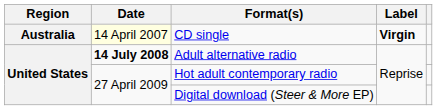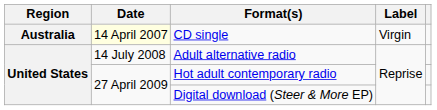 <table class="wikitable plainrowheaders">
 <tr>
 <th scope="col">Region</th>
 <th scope="col">Date</th>
 <th scope="col">Format(s)</th>
 <th scope="col">Label</th>
 <th scope="col"></th>
 </tr>
 <tr>
 <th scope="row">Australia</th>
 <td style="background: lightyellow;">14 April 2007</td>
 <td><a href='#'>CD single</a></td>
-<td><strong>Virgin</strong></td>
+<td>Virgin</td>
 <td></td>
 </tr>
 <tr>
 <th scope="row" rowspan="3">United States</th>
-<td><strong>14 July 2008</strong></td>
+<td>14 July 2008</td>
 <td><a href='#'>Adult alternative radio</a></td>
 <td rowspan="3">Reprise</td>
 <td></td>
 </tr>
 <tr>
 <td rowspan="2">27 April 2009</td>
 <td><a href='#'>Hot adult contemporary radio</a></td>
 <td></td>
 </tr>
 <tr>
 <td><a href='#'>Digital download</a> (<em>Steer & More</em> EP)</td>
 <td></td>
 </tr>
 </table>
